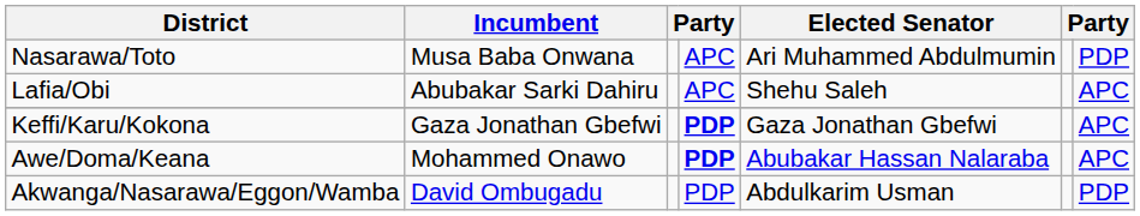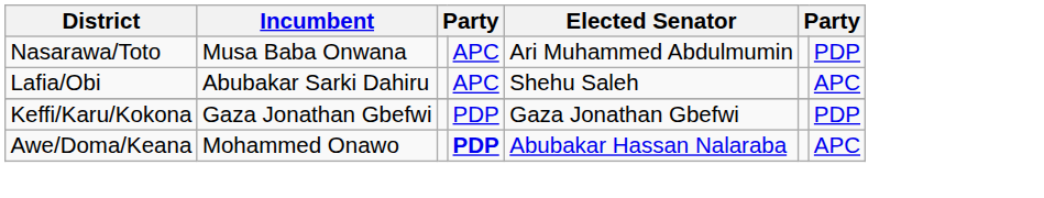 <table class="sortable wikitable" style="font-size:95%;line-height:14px;">
 <tr>
 <th class="unsortable">District</th>
 <th class="unsortable"><a href='#'>Incumbent</a></th>
 <th colspan="2">Party</th>
 <th class="unsortable">Elected Senator</th>
 <th colspan="2">Party</th>
 </tr>
 <tr>
 <td>Nasarawa/Toto</td>
 <td>Musa Baba Onwana</td>
 <td style="background:"></td>
 <td><a href='#'>APC</a></td>
 <td>Ari Muhammed Abdulmumin</td>
 <td style="background:"></td>
 <td><a href='#'>PDP</a></td>
 </tr>
 <tr>
 <td>Lafia/Obi</td>
 <td>Abubakar Sarki Dahiru</td>
 <td style="background:"></td>
 <td><a href='#'>APC</a></td>
 <td>Shehu Saleh</td>
 <td style="background:"></td>
 <td><a href='#'>APC</a></td>
 </tr>
 <tr>
 </tr>
 <tr>
 <td>Keffi/Karu/Kokona</td>
 <td>Gaza Jonathan Gbefwi</td>
 <td style="background:"></td>
-<td><strong><a href='#'>PDP</a></strong></td>
+<td><a href='#'>PDP</a></td>
 <td>Gaza Jonathan Gbefwi</td>
 <td style="background:"></td>
-<td><a href='#'>APC</a></td>
+<td><a href='#'>PDP</a></td>
 </tr>
 <tr>
 <td>Awe/Doma/Keana</td>
 <td>Mohammed Onawo</td>
 <td style="background:"></td>
 <td><strong><a href='#'>PDP</a></strong></td>
 <td><a href='#'>Abubakar Hassan Nalaraba</a></td>
 <td style="background:"></td>
 <td><a href='#'>APC</a></td>
 </tr>
-<tr>
-<td>Akwanga/Nasarawa/Eggon/Wamba</td>
-<td><a href='#'>David Ombugadu</a></td>
-<td style="background:"></td>
-<td><a href='#'>PDP</a></td>
-<td>Abdulkarim Usman</td>
-<td style="background:"></td>
-<td><a href='#'>PDP</a></td>
-</tr>
 </table>
